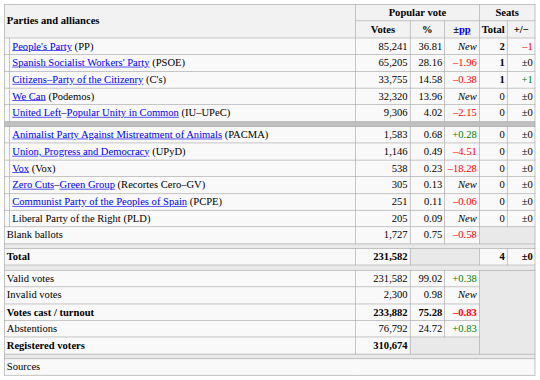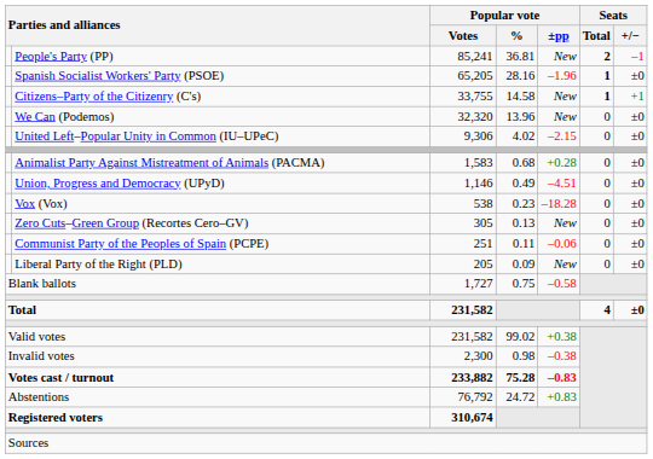 <table class="wikitable" style="text-align:right;">
 <tr>
 <th style="text-align:left;" rowspan="2" colspan="2" width="525">Parties and alliances</th>
 <th colspan="3">Popular vote</th>
 <th colspan="2">Seats</th>
 </tr>
 <tr>
 <th width="75">Votes</th>
 <th width="45">%</th>
 <th width="45">±<a href='#'>pp</a></th>
 <th width="35">Total</th>
 <th width="35">+/−</th>
 </tr>
 <tr>
 <td width="1" style="color:inherit;background:"></td>
 <td align="left"><a href='#'>People's Party</a> (PP)</td>
 <td>85,241</td>
 <td>36.81</td>
 <td><em>New</em></td>
 <td><strong>2</strong></td>
 <td style="color:red;">–1</td>
 </tr>
 <tr>
 <td style="color:inherit;background:"></td>
 <td align="left"><a href='#'>Spanish Socialist Workers' Party</a> (PSOE)</td>
 <td>65,205</td>
 <td>28.16</td>
 <td style="color:red;">–1.96</td>
 <td><strong>1</strong></td>
 <td>±0</td>
 </tr>
 <tr>
 <td style="color:inherit;background:"></td>
 <td align="left"><a href='#'>Citizens–Party of the Citizenry</a> (C's)</td>
 <td>33,755</td>
 <td>14.58</td>
-<td style="color:red;">–0.38</td>
+<td><em>New</em></td>
 <td><strong>1</strong></td>
 <td style="color:green;">+1</td>
 </tr>
 <tr>
 <td style="color:inherit;background:"></td>
 <td align="left"><a href='#'>We Can</a> (Podemos)</td>
 <td>32,320</td>
 <td>13.96</td>
 <td><em>New</em></td>
 <td>0</td>
 <td>±0</td>
 </tr>
 <tr>
 <td style="color:inherit;background:"></td>
 <td align="left"><a href='#'>United Left</a>–<a href='#'>Popular Unity in Common</a> (IU–UPeC)</td>
 <td>9,306</td>
 <td>4.02</td>
 <td style="color:red;">–2.15</td>
 <td>0</td>
 <td>±0</td>
 </tr>
 <tr>
 <td colspan="7" bgcolor="#C0C0C0"></td>
 </tr>
 <tr>
 <td style="color:inherit;background:"></td>
 <td align="left"><a href='#'>Animalist Party Against Mistreatment of Animals</a> (PACMA)</td>
 <td>1,583</td>
 <td>0.68</td>
 <td style="color:green;">+0.28</td>
 <td>0</td>
 <td>±0</td>
 </tr>
 <tr>
 <td style="color:inherit;background:"></td>
 <td align="left"><a href='#'>Union, Progress and Democracy</a> (UPyD)</td>
 <td>1,146</td>
 <td>0.49</td>
 <td style="color:red;">–4.51</td>
 <td>0</td>
 <td>±0</td>
 </tr>
 <tr>
 <td style="color:inherit;background:"></td>
 <td align="left"><a href='#'>Vox</a> (Vox)</td>
 <td>538</td>
 <td>0.23</td>
 <td style="color:red;">–18.28</td>
 <td>0</td>
 <td>±0</td>
 </tr>
 <tr>
 <td style="color:inherit;background:"></td>
 <td align="left"><a href='#'>Zero Cuts</a>–<a href='#'>Green Group</a> (Recortes Cero–GV)</td>
 <td>305</td>
 <td>0.13</td>
 <td><em>New</em></td>
 <td>0</td>
 <td>±0</td>
 </tr>
 <tr>
 <td style="color:inherit;background:"></td>
 <td align="left"><a href='#'>Communist Party of the Peoples of Spain</a> (PCPE)</td>
 <td>251</td>
 <td>0.11</td>
 <td style="color:red;">–0.06</td>
 <td>0</td>
 <td>±0</td>
 </tr>
 <tr>
 <td style="color:inherit;background:"></td>
 <td align="left">Liberal Party of the Right (PLD)</td>
 <td>205</td>
 <td>0.09</td>
 <td><em>New</em></td>
 <td>0</td>
 <td>±0</td>
 </tr>
 <tr>
 <td align="left" colspan="2">Blank ballots</td>
 <td>1,727</td>
 <td>0.75</td>
 <td style="color:red;">–0.58</td>
 <td bgcolor="#E9E9E9" colspan="2"></td>
 </tr>
 <tr>
 <td colspan="7" bgcolor="#E9E9E9"></td>
 </tr>
 <tr style="font-weight:bold;">
 <td align="left" colspan="2">Total</td>
 <td>231,582</td>
 <td bgcolor="#E9E9E9" colspan="2"></td>
 <td>4</td>
 <td>±0</td>
 </tr>
 <tr>
 <td colspan="7" bgcolor="#E9E9E9"></td>
 </tr>
 <tr>
 <td align="left" colspan="2">Valid votes</td>
 <td>231,582</td>
 <td>99.02</td>
 <td style="color:green;">+0.38</td>
 <td bgcolor="#E9E9E9" colspan="2" rowspan="5"></td>
 </tr>
 <tr>
 <td align="left" colspan="2">Invalid votes</td>
 <td>2,300</td>
 <td>0.98</td>
-<td><em>New</em></td>
+<td style="color:red;">–0.38</td>
 </tr>
 <tr style="font-weight:bold;">
 <td align="left" colspan="2">Votes cast / turnout</td>
 <td>233,882</td>
 <td>75.28</td>
 <td style="color:red;">–0.83</td>
 </tr>
 <tr>
 <td align="left" colspan="2">Abstentions</td>
 <td>76,792</td>
 <td>24.72</td>
 <td style="color:green;">+0.83</td>
 </tr>
 <tr style="font-weight:bold;">
 <td align="left" colspan="2">Registered voters</td>
 <td>310,674</td>
 <td bgcolor="#E9E9E9" colspan="2"></td>
 </tr>
 <tr>
 <td colspan="7" bgcolor="#E9E9E9"></td>
 </tr>
 <tr>
 <td align="left" colspan="7">Sources</td>
 </tr>
 </table>
